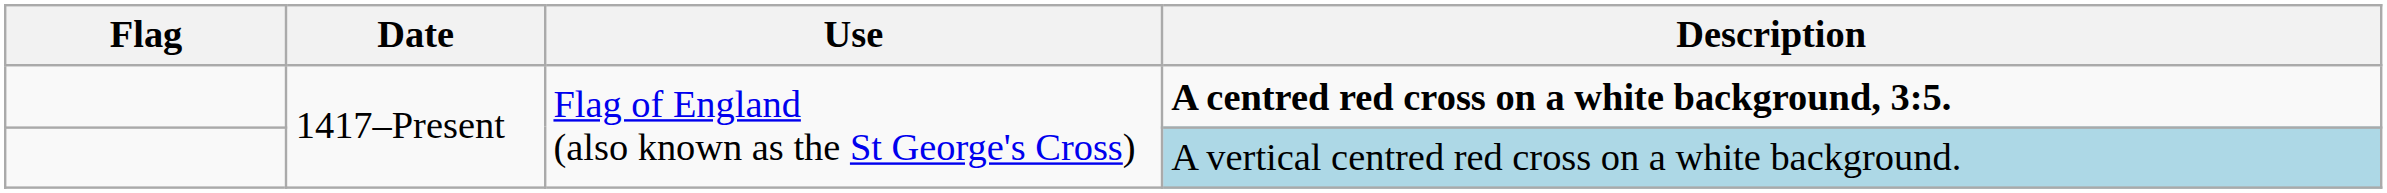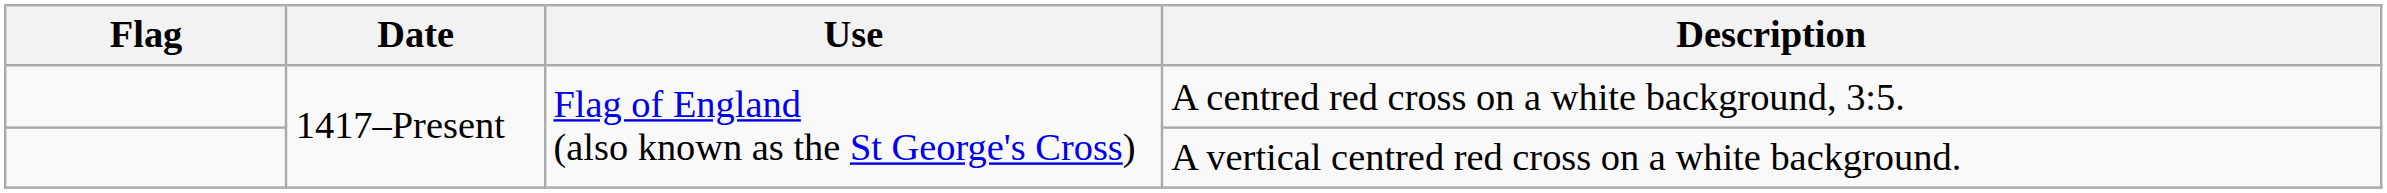 <table class="wikitable">
 <tr style="background:#efefef;">
 <th style="width:110px;">Flag</th>
 <th style="width:100px;">Date</th>
 <th style="width:250px;">Use</th>
 <th style="width:500px;">Description</th>
 </tr>
 <tr>
 <td></td>
 <td rowspan="2">1417–Present</td>
 <td rowspan="2"><a href='#'>Flag of England</a><br>(also known as the <a href='#'>St George's Cross</a>)</td>
-<td><strong>A centred red cross on a white background, 3:5.</strong></td>
+<td>A centred red cross on a white background, 3:5.</td>
 </tr>
 <tr>
 <td></td>
-<td style="background: lightblue;">A vertical centred red cross on a white background.</td>
+<td>A vertical centred red cross on a white background.</td>
 </tr>
 </table>
